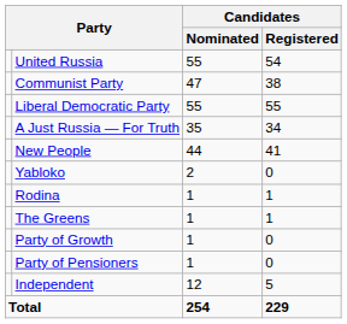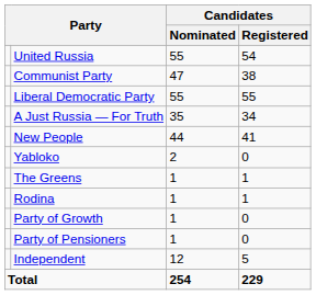 <table class="wikitable sortable" style="background: #f9f9f9; text-align:left; font-size: 95%">
 <tr>
 <th align=center rowspan=2 colspan=2>Party</th>
 <th align=center colspan=2>Candidates</th>
 </tr>
 <tr>
 <th align=center>Nominated</th>
 <th align=center>Registered</th>
 </tr>
 <tr>
 <td></td>
 <td><a href='#'>United Russia</a></td>
 <td>55</td>
 <td>54</td>
 </tr>
 <tr>
 <td></td>
 <td><a href='#'>Communist Party</a></td>
 <td>47</td>
 <td>38</td>
 </tr>
 <tr>
 <td></td>
 <td><a href='#'>Liberal Democratic Party</a></td>
 <td>55</td>
 <td>55</td>
 </tr>
 <tr>
 <td></td>
 <td><a href='#'>A Just Russia — For Truth</a></td>
 <td>35</td>
 <td>34</td>
 </tr>
 <tr>
 <td></td>
 <td><a href='#'>New People</a></td>
 <td>44</td>
 <td>41</td>
 </tr>
 <tr>
 <td></td>
 <td><a href='#'>Yabloko</a></td>
 <td>2</td>
 <td>0</td>
 </tr>
 <tr>
 <td></td>
-<td><a href='#'>Rodina</a></td>
+<td><a href='#'>The Greens</a></td>
 <td>1</td>
 <td>1</td>
 </tr>
 <tr>
 <td></td>
-<td><a href='#'>The Greens</a></td>
+<td><a href='#'>Rodina</a></td>
 <td>1</td>
 <td>1</td>
 </tr>
 <tr>
 <td></td>
 <td><a href='#'>Party of Growth</a></td>
 <td>1</td>
 <td>0</td>
 </tr>
 <tr>
 <td></td>
 <td><a href='#'>Party of Pensioners</a></td>
 <td>1</td>
 <td>0</td>
 </tr>
 <tr>
 <td></td>
 <td><a href='#'>Independent</a></td>
 <td>12</td>
 <td>5</td>
 </tr>
 <tr>
 <td colspan=2><strong>Total</strong></td>
 <td><strong>254</strong></td>
 <td><strong>229</strong></td>
 </tr>
 </table>
